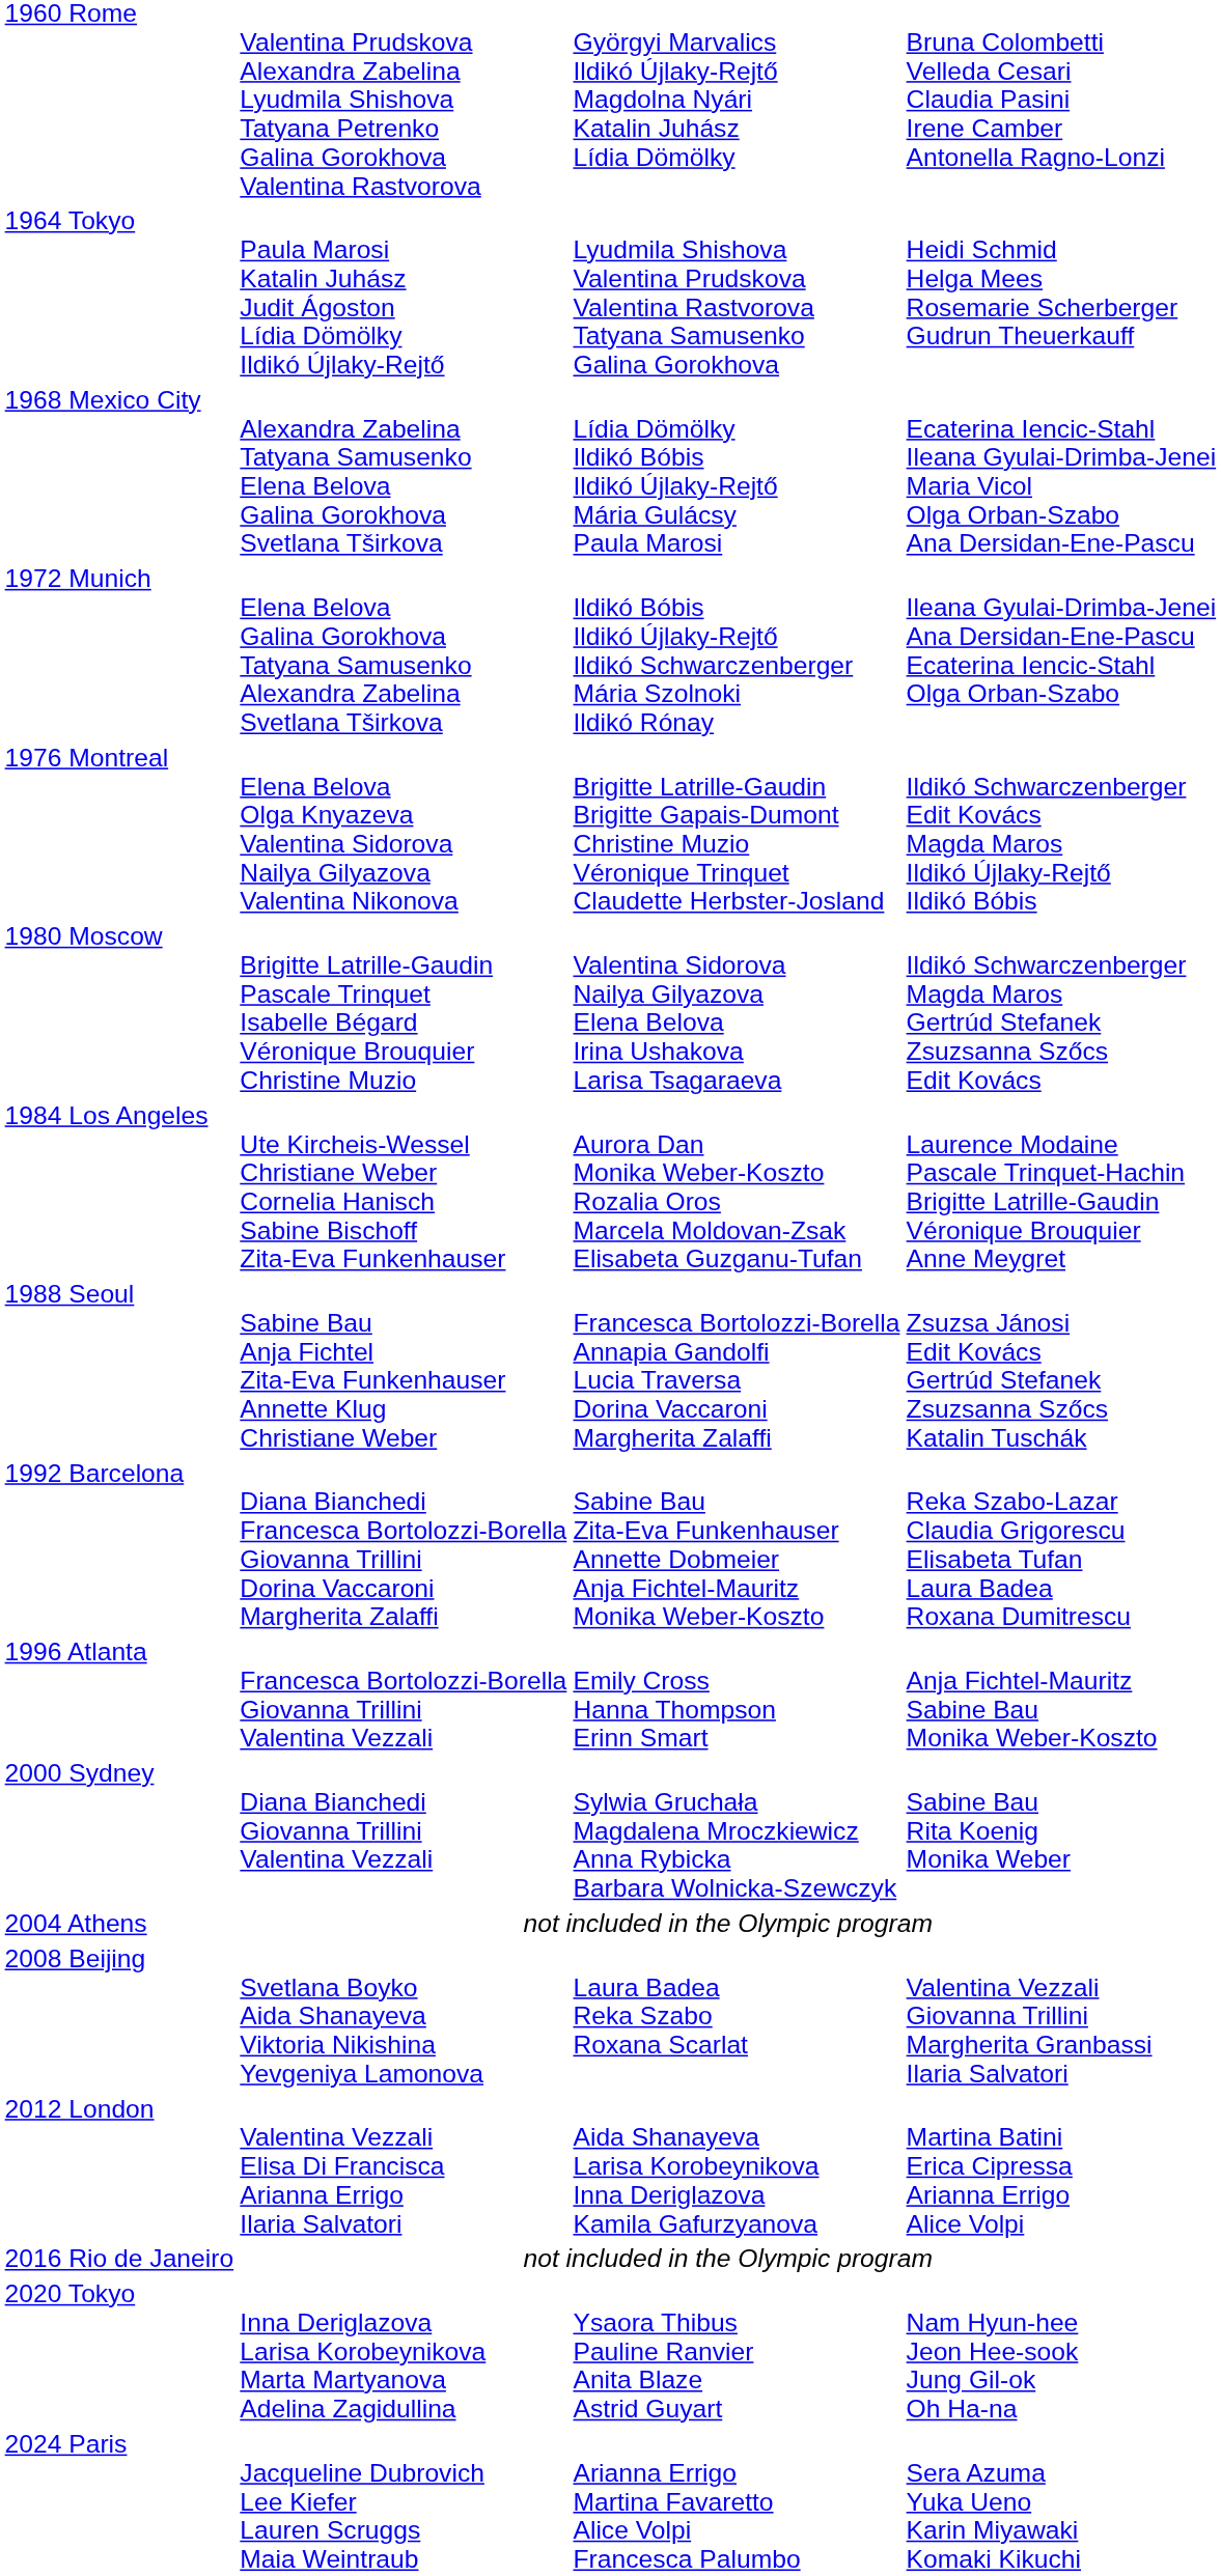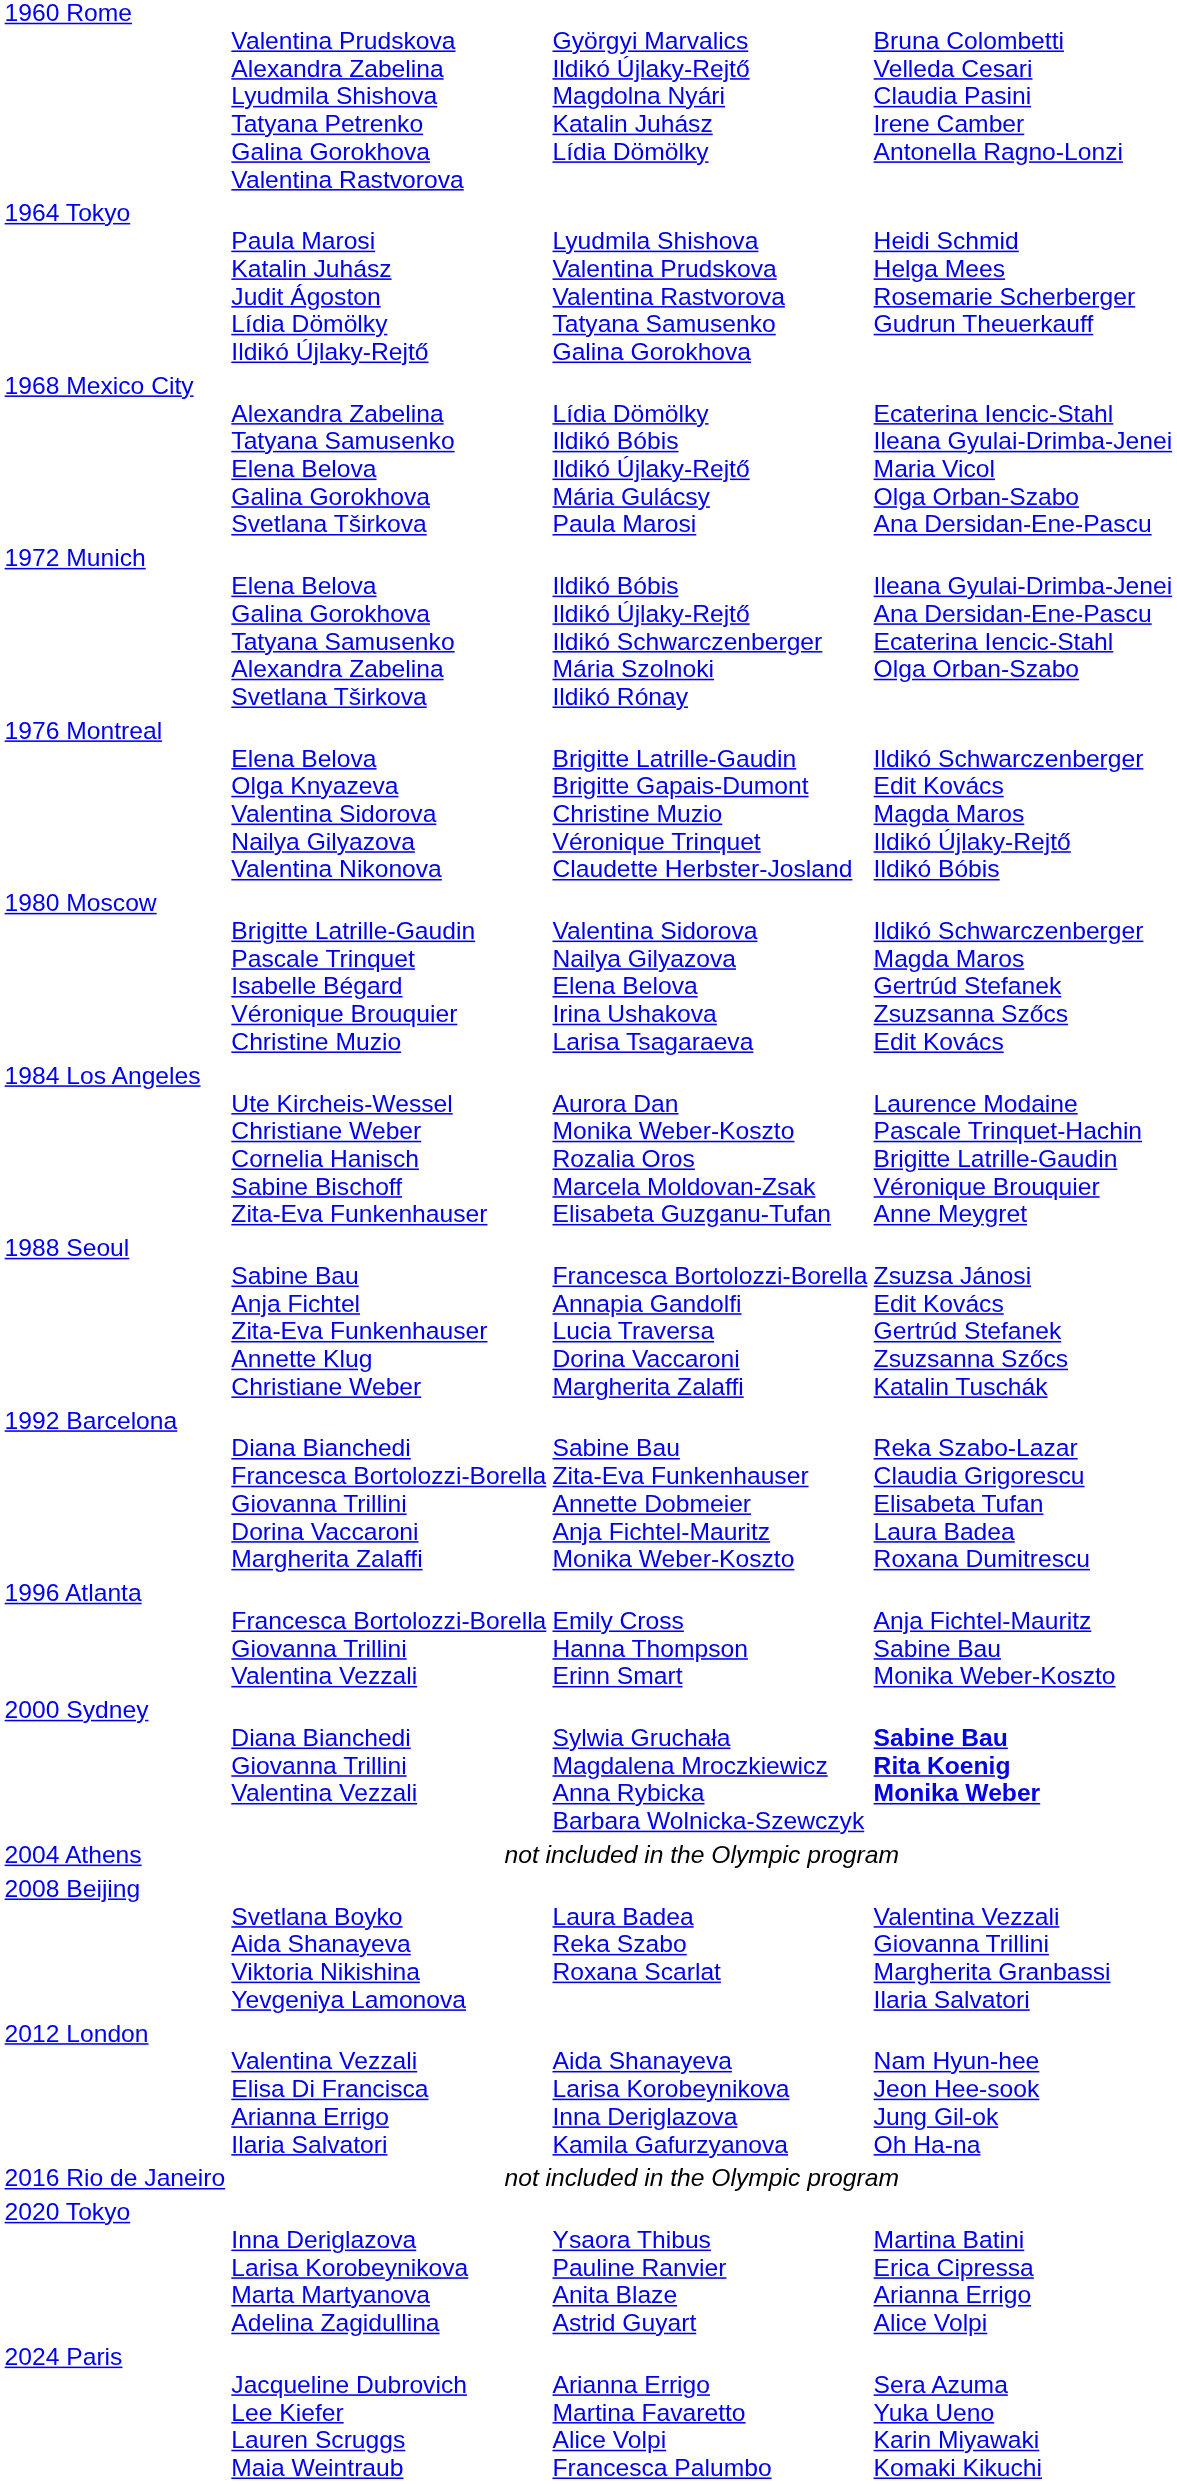 <table>
 <tr valign="top">
 <td><a href='#'>1960 Rome</a><br></td>
 <td><br><a href='#'>Valentina Prudskova</a><br><a href='#'>Alexandra Zabelina</a><br><a href='#'>Lyudmila Shishova</a><br><a href='#'>Tatyana Petrenko</a><br><a href='#'>Galina Gorokhova</a><br><a href='#'>Valentina Rastvorova</a></td>
 <td valign=top><br><a href='#'>Györgyi Marvalics</a><br><a href='#'>Ildikó Újlaky-Rejtő</a><br><a href='#'>Magdolna Nyári</a><br><a href='#'>Katalin Juhász</a><br><a href='#'>Lídia Dömölky</a></td>
 <td valign=top><br><a href='#'>Bruna Colombetti</a><br><a href='#'>Velleda Cesari</a><br><a href='#'>Claudia Pasini</a><br><a href='#'>Irene Camber</a><br><a href='#'>Antonella Ragno-Lonzi</a></td>
 </tr>
 <tr valign="top">
 <td><a href='#'>1964 Tokyo</a><br></td>
 <td><br><a href='#'>Paula Marosi</a><br><a href='#'>Katalin Juhász</a><br><a href='#'>Judit Ágoston</a><br><a href='#'>Lídia Dömölky</a><br><a href='#'>Ildikó Újlaky-Rejtő</a></td>
 <td><br><a href='#'>Lyudmila Shishova</a><br><a href='#'>Valentina Prudskova</a><br><a href='#'>Valentina Rastvorova</a><br><a href='#'>Tatyana Samusenko</a><br><a href='#'>Galina Gorokhova</a></td>
 <td valign=top><br><a href='#'>Heidi Schmid</a><br><a href='#'>Helga Mees</a><br><a href='#'>Rosemarie Scherberger</a><br><a href='#'>Gudrun Theuerkauff</a></td>
 </tr>
 <tr valign="top">
 <td><a href='#'>1968 Mexico City</a><br></td>
 <td><br><a href='#'>Alexandra Zabelina</a><br><a href='#'>Tatyana Samusenko</a><br><a href='#'>Elena Belova</a><br><a href='#'>Galina Gorokhova</a><br><a href='#'>Svetlana Tširkova</a></td>
 <td><br><a href='#'>Lídia Dömölky</a><br><a href='#'>Ildikó Bóbis</a><br><a href='#'>Ildikó Újlaky-Rejtő</a><br><a href='#'>Mária Gulácsy</a><br><a href='#'>Paula Marosi</a></td>
 <td><br><a href='#'>Ecaterina Iencic-Stahl</a><br><a href='#'>Ileana Gyulai-Drimba-Jenei</a><br><a href='#'>Maria Vicol</a><br><a href='#'>Olga Orban-Szabo</a><br><a href='#'>Ana Dersidan-Ene-Pascu</a></td>
 </tr>
 <tr valign="top">
 <td><a href='#'>1972 Munich</a><br></td>
 <td><br><a href='#'>Elena Belova</a><br><a href='#'>Galina Gorokhova</a><br><a href='#'>Tatyana Samusenko</a><br><a href='#'>Alexandra Zabelina</a><br><a href='#'>Svetlana Tširkova</a></td>
 <td><br><a href='#'>Ildikó Bóbis</a><br><a href='#'>Ildikó Újlaky-Rejtő</a><br><a href='#'>Ildikó Schwarczenberger</a><br><a href='#'>Mária Szolnoki</a><br><a href='#'>Ildikó Rónay</a></td>
 <td valign=top><br><a href='#'>Ileana Gyulai-Drimba-Jenei</a><br><a href='#'>Ana Dersidan-Ene-Pascu</a><br><a href='#'>Ecaterina Iencic-Stahl</a><br><a href='#'>Olga Orban-Szabo</a></td>
 </tr>
 <tr valign="top">
 <td><a href='#'>1976 Montreal</a><br></td>
 <td><br><a href='#'>Elena Belova</a><br><a href='#'>Olga Knyazeva</a><br><a href='#'>Valentina Sidorova</a><br><a href='#'>Nailya Gilyazova</a><br><a href='#'>Valentina Nikonova</a></td>
 <td><br><a href='#'>Brigitte Latrille-Gaudin</a><br><a href='#'>Brigitte Gapais-Dumont</a><br><a href='#'>Christine Muzio</a><br><a href='#'>Véronique Trinquet</a><br><a href='#'>Claudette Herbster-Josland</a></td>
 <td><br><a href='#'>Ildikó Schwarczenberger</a><br><a href='#'>Edit Kovács</a><br><a href='#'>Magda Maros</a><br><a href='#'>Ildikó Újlaky-Rejtő</a><br><a href='#'>Ildikó Bóbis</a></td>
 </tr>
 <tr valign="top">
 <td><a href='#'>1980 Moscow</a><br></td>
 <td><br><a href='#'>Brigitte Latrille-Gaudin</a><br><a href='#'>Pascale Trinquet</a><br><a href='#'>Isabelle Bégard</a><br><a href='#'>Véronique Brouquier</a><br><a href='#'>Christine Muzio</a></td>
 <td><br><a href='#'>Valentina Sidorova</a><br><a href='#'>Nailya Gilyazova</a><br><a href='#'>Elena Belova</a><br><a href='#'>Irina Ushakova</a><br><a href='#'>Larisa Tsagaraeva</a></td>
 <td><br><a href='#'>Ildikó Schwarczenberger</a><br><a href='#'>Magda Maros</a><br><a href='#'>Gertrúd Stefanek</a><br><a href='#'>Zsuzsanna Szőcs</a><br><a href='#'>Edit Kovács</a></td>
 </tr>
 <tr valign="top">
 <td><a href='#'>1984 Los Angeles</a><br></td>
 <td><br><a href='#'>Ute Kircheis-Wessel</a><br><a href='#'>Christiane Weber</a><br><a href='#'>Cornelia Hanisch</a><br><a href='#'>Sabine Bischoff</a><br><a href='#'>Zita-Eva Funkenhauser</a></td>
 <td><br><a href='#'>Aurora Dan</a><br><a href='#'>Monika Weber-Koszto</a><br><a href='#'>Rozalia Oros</a><br><a href='#'>Marcela Moldovan-Zsak</a><br><a href='#'>Elisabeta Guzganu-Tufan</a></td>
 <td><br><a href='#'>Laurence Modaine</a><br><a href='#'>Pascale Trinquet-Hachin</a><br><a href='#'>Brigitte Latrille-Gaudin</a><br><a href='#'>Véronique Brouquier</a><br><a href='#'>Anne Meygret</a></td>
 </tr>
 <tr valign="top">
 <td><a href='#'>1988 Seoul</a><br></td>
 <td><br><a href='#'>Sabine Bau</a><br><a href='#'>Anja Fichtel</a><br><a href='#'>Zita-Eva Funkenhauser</a><br><a href='#'>Annette Klug</a><br> <a href='#'>Christiane Weber</a></td>
 <td><br><a href='#'>Francesca Bortolozzi-Borella</a><br><a href='#'>Annapia Gandolfi</a><br><a href='#'>Lucia Traversa</a><br><a href='#'>Dorina Vaccaroni</a><br><a href='#'>Margherita Zalaffi</a></td>
 <td><br><a href='#'>Zsuzsa Jánosi</a><br><a href='#'>Edit Kovács</a><br><a href='#'>Gertrúd Stefanek</a><br><a href='#'>Zsuzsanna Szőcs</a><br><a href='#'>Katalin Tuschák</a></td>
 </tr>
 <tr valign="top">
 <td><a href='#'>1992 Barcelona</a><br></td>
 <td><br><a href='#'>Diana Bianchedi</a><br><a href='#'>Francesca Bortolozzi-Borella</a><br><a href='#'>Giovanna Trillini</a><br><a href='#'>Dorina Vaccaroni</a><br><a href='#'>Margherita Zalaffi</a></td>
 <td><br><a href='#'>Sabine Bau</a><br><a href='#'>Zita-Eva Funkenhauser</a><br><a href='#'>Annette Dobmeier</a><br><a href='#'>Anja Fichtel-Mauritz</a><br><a href='#'>Monika Weber-Koszto</a></td>
 <td><br><a href='#'>Reka Szabo-Lazar</a><br><a href='#'>Claudia Grigorescu</a><br><a href='#'>Elisabeta Tufan</a><br><a href='#'>Laura Badea</a><br><a href='#'>Roxana Dumitrescu</a></td>
 </tr>
 <tr valign="top">
 <td><a href='#'>1996 Atlanta</a><br></td>
 <td><br><a href='#'>Francesca Bortolozzi-Borella</a><br><a href='#'>Giovanna Trillini</a><br><a href='#'>Valentina Vezzali</a></td>
 <td valign=top><br><a href='#'>Emily Cross</a><br><a href='#'>Hanna Thompson</a><br><a href='#'>Erinn Smart</a></td>
 <td><br><a href='#'>Anja Fichtel-Mauritz</a><br><a href='#'>Sabine Bau</a><br><a href='#'>Monika Weber-Koszto</a></td>
 </tr>
 <tr valign="top">
 <td><a href='#'>2000 Sydney</a><br></td>
 <td valign=top><br> <a href='#'>Diana Bianchedi</a><br> <a href='#'>Giovanna Trillini</a><br> <a href='#'>Valentina Vezzali</a></td>
 <td valign=top><br><a href='#'>Sylwia Gruchała</a><br> <a href='#'>Magdalena Mroczkiewicz</a><br> <a href='#'>Anna Rybicka</a><br> <a href='#'>Barbara Wolnicka-Szewczyk</a></td>
-<td valign=top><br><a href='#'>Sabine Bau</a><br> <a href='#'>Rita Koenig</a><br> <a href='#'>Monika Weber</a></td>
+<td valign=top><strong><br><a href='#'>Sabine Bau</a><br> <a href='#'>Rita Koenig</a><br> <a href='#'>Monika Weber</a></strong></td>
 </tr>
 <tr valign="top">
 <td><a href='#'>2004 Athens</a></td>
 <td colspan=3 align=center><em>not included in the Olympic program</em></td>
 </tr>
 <tr valign="top">
 <td><a href='#'>2008 Beijing</a><br></td>
 <td><br><a href='#'>Svetlana Boyko</a><br><a href='#'>Aida Shanayeva</a><br><a href='#'>Viktoria Nikishina</a><br><a href='#'>Yevgeniya Lamonova</a></td>
 <td><br><a href='#'>Laura Badea</a><br><a href='#'>Reka Szabo</a><br><a href='#'>Roxana Scarlat</a></td>
 <td><br><a href='#'>Valentina Vezzali</a><br><a href='#'>Giovanna Trillini</a><br><a href='#'>Margherita Granbassi</a><br><a href='#'>Ilaria Salvatori</a></td>
 </tr>
 <tr valign="top">
 <td><a href='#'>2012 London</a><br></td>
 <td><br><a href='#'>Valentina Vezzali</a><br><a href='#'>Elisa Di Francisca</a><br><a href='#'>Arianna Errigo</a><br><a href='#'>Ilaria Salvatori</a></td>
 <td><br><a href='#'>Aida Shanayeva</a><br><a href='#'>Larisa Korobeynikova</a><br><a href='#'>Inna Deriglazova</a><br><a href='#'>Kamila Gafurzyanova</a></td>
-<td><br><a href='#'>Martina Batini</a><br><a href='#'>Erica Cipressa</a><br><a href='#'>Arianna Errigo</a><br><a href='#'>Alice Volpi</a></td>
+<td><br><a href='#'>Nam Hyun-hee</a><br><a href='#'>Jeon Hee-sook</a><br><a href='#'>Jung Gil-ok</a><br><a href='#'>Oh Ha-na</a></td>
 </tr>
 <tr valign="top">
 <td><a href='#'>2016 Rio de Janeiro</a></td>
 <td colspan=3 align=center><em>not included in the Olympic program</em></td>
 </tr>
 <tr valign="top">
 <td><a href='#'>2020 Tokyo</a><br></td>
 <td> <br><a href='#'>Inna Deriglazova</a><br><a href='#'>Larisa Korobeynikova</a><br><a href='#'>Marta Martyanova</a><br><a href='#'>Adelina Zagidullina</a></td>
 <td><br><a href='#'>Ysaora Thibus</a><br><a href='#'>Pauline Ranvier</a><br><a href='#'>Anita Blaze</a><br><a href='#'>Astrid Guyart</a></td>
-<td><br><a href='#'>Nam Hyun-hee</a><br><a href='#'>Jeon Hee-sook</a><br><a href='#'>Jung Gil-ok</a><br><a href='#'>Oh Ha-na</a></td>
+<td><br><a href='#'>Martina Batini</a><br><a href='#'>Erica Cipressa</a><br><a href='#'>Arianna Errigo</a><br><a href='#'>Alice Volpi</a></td>
 </tr>
 <tr valign="top">
 <td><a href='#'>2024 Paris</a> <br></td>
 <td><br><a href='#'>Jacqueline Dubrovich</a><br><a href='#'>Lee Kiefer</a><br><a href='#'>Lauren Scruggs</a><br><a href='#'>Maia Weintraub</a></td>
 <td><br><a href='#'>Arianna Errigo</a><br><a href='#'>Martina Favaretto</a><br><a href='#'>Alice Volpi</a><br><a href='#'>Francesca Palumbo</a></td>
 <td><br><a href='#'>Sera Azuma</a><br><a href='#'>Yuka Ueno</a><br><a href='#'>Karin Miyawaki</a><br><a href='#'>Komaki Kikuchi</a></td>
 </tr>
 <tr>
 </tr>
 </table>
